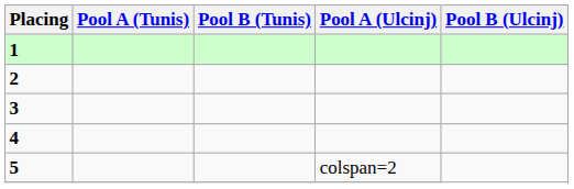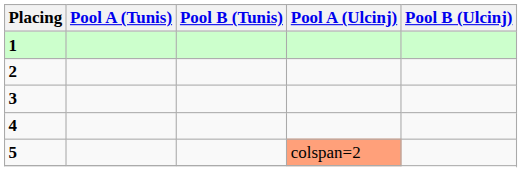 <table class=wikitable style="border:1px solid #AAAAAA;">
 <tr>
 <th>Placing</th>
 <th><a href='#'>Pool A (Tunis)</a></th>
 <th><a href='#'>Pool B (Tunis)</a></th>
 <th><a href='#'>Pool A (Ulcinj)</a></th>
 <th><a href='#'>Pool B (Ulcinj)</a></th>
 </tr>
 <tr style="background: #ccffcc;">
 <td><strong>1</strong></td>
 <td></td>
 <td></td>
 <td></td>
 <td></td>
 </tr>
 <tr>
 <td><strong>2</strong></td>
 <td></td>
 <td></td>
 <td></td>
 <td></td>
 </tr>
 <tr>
 <td><strong>3</strong></td>
 <td></td>
 <td></td>
 <td></td>
 <td></td>
 </tr>
 <tr>
 <td><strong>4</strong></td>
 <td></td>
 <td></td>
 <td></td>
 <td></td>
 </tr>
 <tr>
 <td><strong>5</strong></td>
 <td></td>
 <td></td>
-<td>colspan=2 </td>
+<td style="background: lightsalmon;">colspan=2 </td>
 </tr>
 <tr>
 </tr>
 </table>
